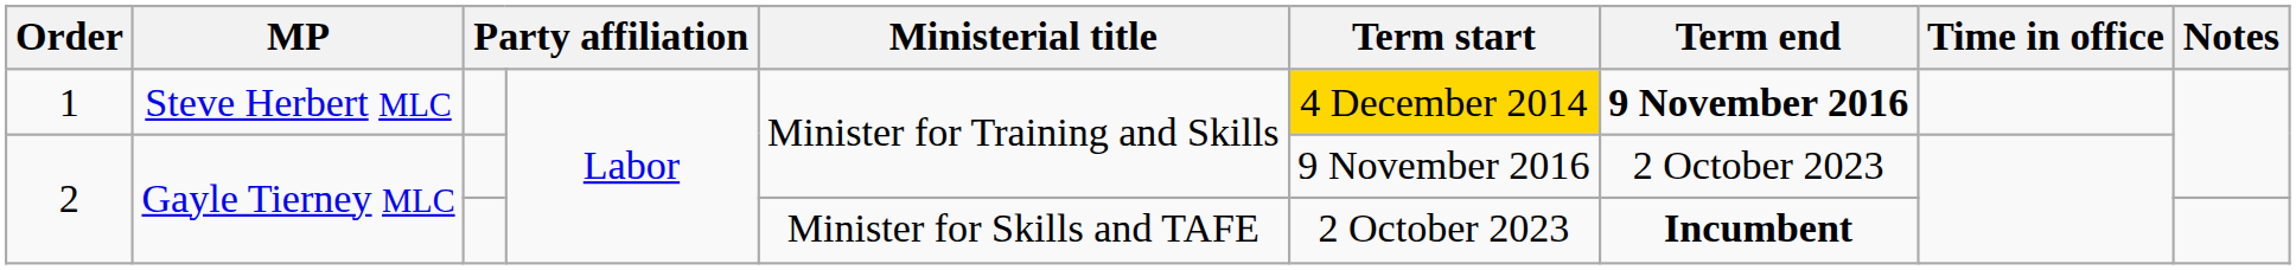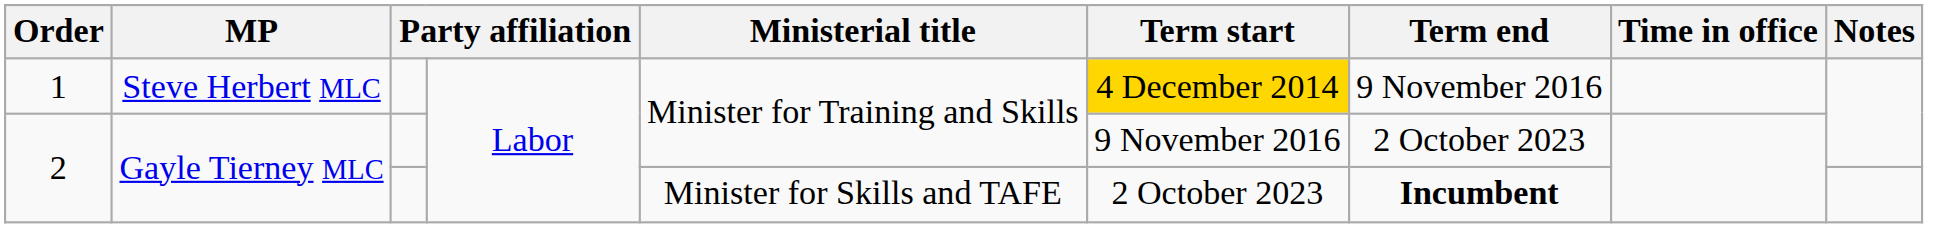 <table class="wikitable" style="text-align:center">
 <tr>
 <th>Order</th>
 <th>MP</th>
 <th colspan="2">Party affiliation</th>
 <th>Ministerial title</th>
 <th>Term start</th>
 <th>Term end</th>
 <th>Time in office</th>
 <th>Notes</th>
 </tr>
 <tr>
 <td>1</td>
 <td><a href='#'>Steve Herbert</a> <a href='#'><small>MLC</small></a></td>
 <td></td>
 <td rowspan="3"><a href='#'>Labor</a></td>
 <td rowspan="2">Minister for Training and Skills</td>
 <td style="background: gold;">4 December 2014</td>
-<td><strong>9 November 2016</strong></td>
+<td>9 November 2016</td>
 <td></td>
 <td rowspan="2"></td>
 </tr>
 <tr>
 <td rowspan=2>2</td>
 <td rowspan=2><a href='#'>Gayle Tierney</a> <a href='#'><small>MLC</small></a></td>
 <td></td>
 <td>9 November 2016</td>
 <td>2 October 2023</td>
 <td rowspan=2></td>
 </tr>
 <tr>
 <td></td>
 <td>Minister for Skills and TAFE</td>
 <td>2 October 2023</td>
 <td><strong>Incumbent</strong></td>
 <td></td>
 </tr>
 </table>
